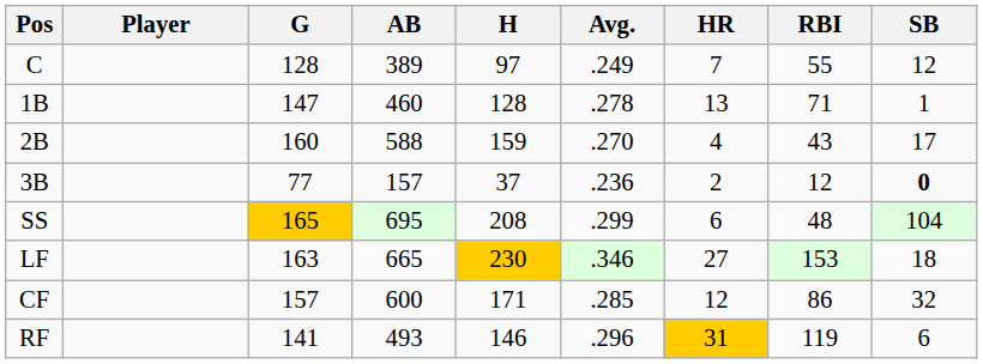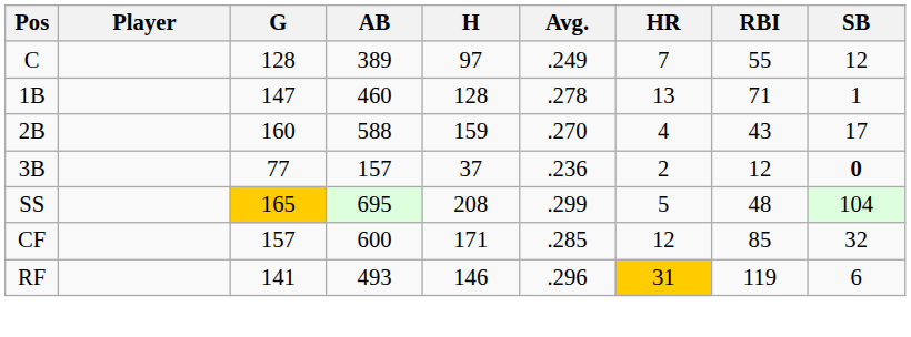 <table class="wikitable sortable">
 <tr>
 <th bgcolor="#DDDDFF" width="5%">Pos</th>
 <th bgcolor="#DDDDFF" width="16%">Player</th>
 <th bgcolor="#DDDDFF" width="9%">G</th>
 <th bgcolor="#DDDDFF" width="9%">AB</th>
 <th bgcolor="#DDDDFF" width="9%">H</th>
 <th bgcolor="#DDDDFF" width="9%">Avg.</th>
 <th bgcolor="#DDDDFF" width="9%">HR</th>
 <th bgcolor="#DDDDFF" width="9%">RBI</th>
 <th bgcolor="#DDDDFF" width="9%">SB</th>
 </tr>
 <tr align="center">
 <td>C</td>
 <td></td>
 <td>128</td>
 <td>389</td>
 <td>97</td>
 <td>.249</td>
 <td>7</td>
 <td>55</td>
 <td>12</td>
 </tr>
 <tr align="center">
 <td>1B</td>
 <td></td>
 <td>147</td>
 <td>460</td>
 <td>128</td>
 <td>.278</td>
 <td>13</td>
 <td>71</td>
 <td>1</td>
 </tr>
 <tr align="center">
 <td>2B</td>
 <td></td>
 <td>160</td>
 <td>588</td>
 <td>159</td>
 <td>.270</td>
 <td>4</td>
 <td>43</td>
 <td>17</td>
 </tr>
 <tr align="center">
 <td>3B</td>
 <td></td>
 <td>77</td>
 <td>157</td>
 <td>37</td>
 <td>.236</td>
 <td>2</td>
 <td>12</td>
 <td><strong>0</strong></td>
 </tr>
 <tr align="center">
 <td>SS</td>
 <td></td>
 <td bgcolor=#ffcc00>165</td>
 <td bgcolor=#DDFFDD>695</td>
 <td>208</td>
 <td>.299</td>
-<td>6</td>
+<td>5</td>
 <td>48</td>
 <td style="background:#DDFFDD;">104</td>
-</tr>
-<tr align="center">
-<td>LF</td>
-<td></td>
-<td>163</td>
-<td>665</td>
-<td bgcolor=#ffcc00>230</td>
-<td bgcolor=#DDFFDD>.346</td>
-<td>27</td>
-<td bgcolor=#DDFFDD>153</td>
-<td>18</td>
 </tr>
 <tr align="center">
 <td>CF</td>
 <td></td>
 <td>157</td>
 <td>600</td>
 <td>171</td>
 <td>.285</td>
 <td>12</td>
-<td>86</td>
+<td>85</td>
 <td>32</td>
 </tr>
 <tr align="center">
 <td>RF</td>
 <td></td>
 <td>141</td>
 <td>493</td>
 <td>146</td>
 <td>.296</td>
 <td bgcolor=#ffcc00>31</td>
 <td>119</td>
 <td>6</td>
 </tr>
 </table>
